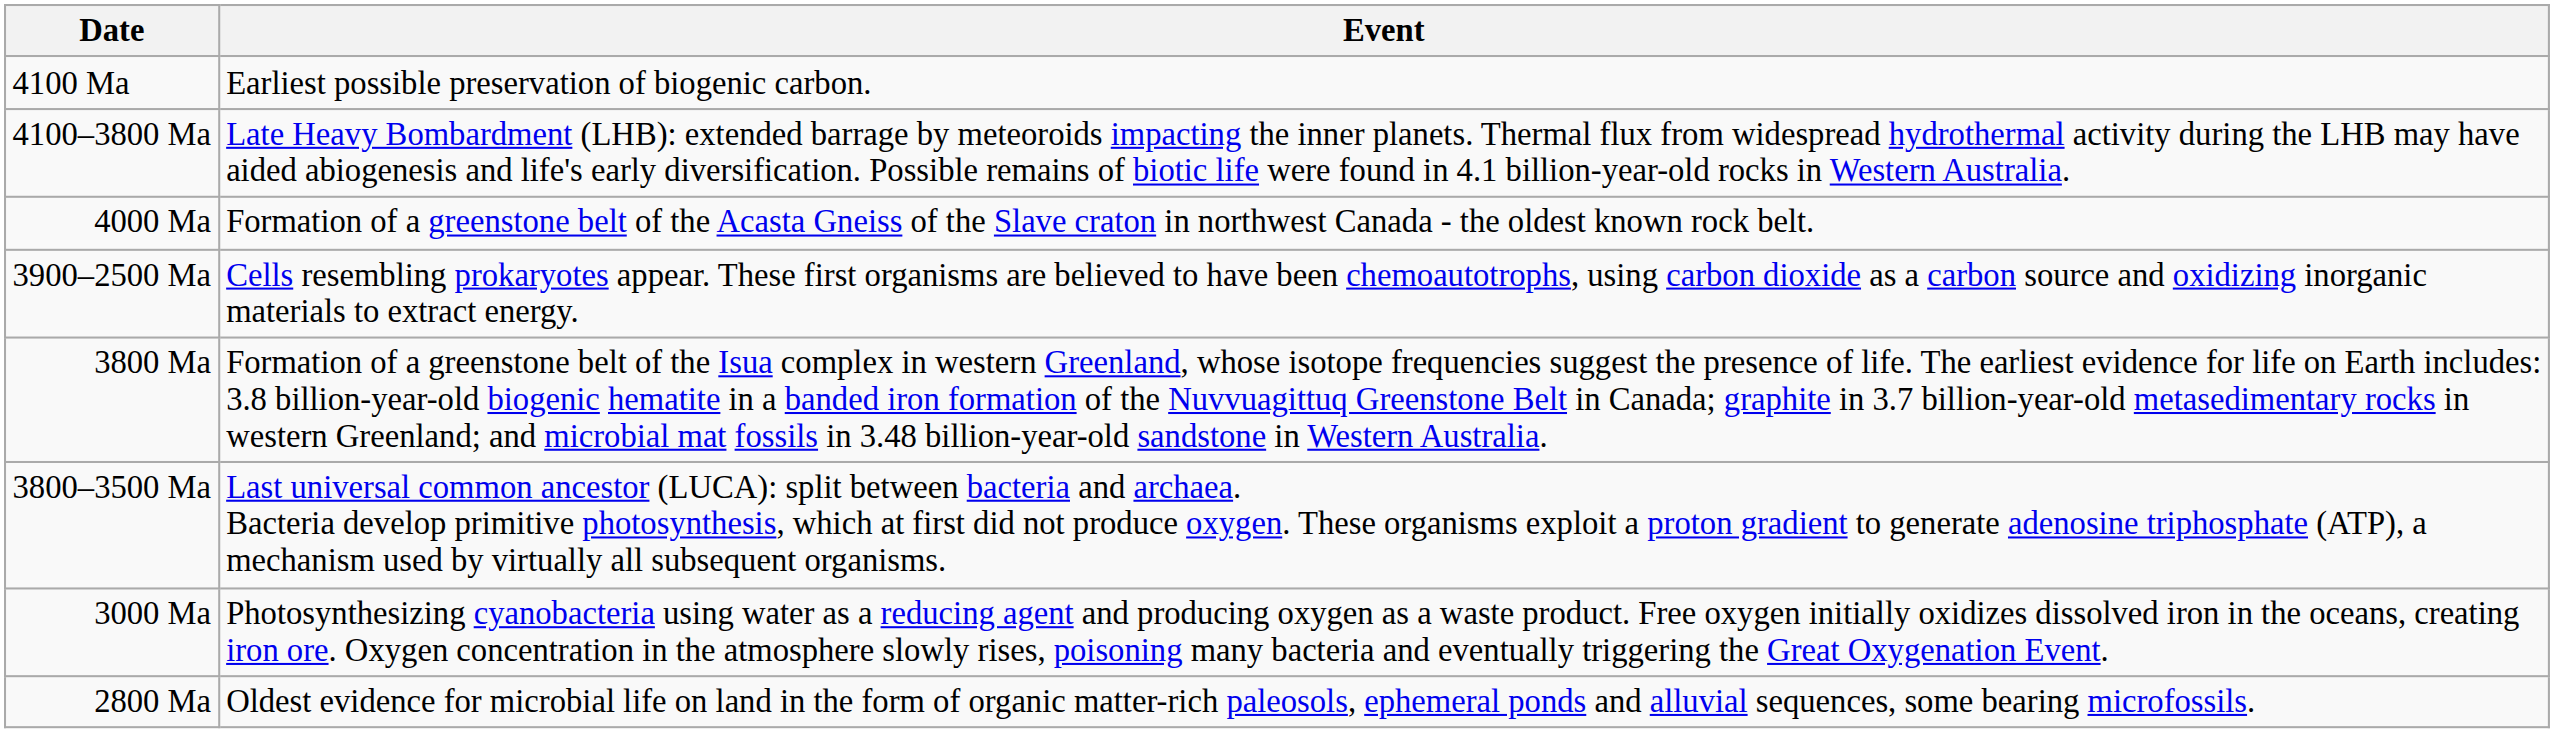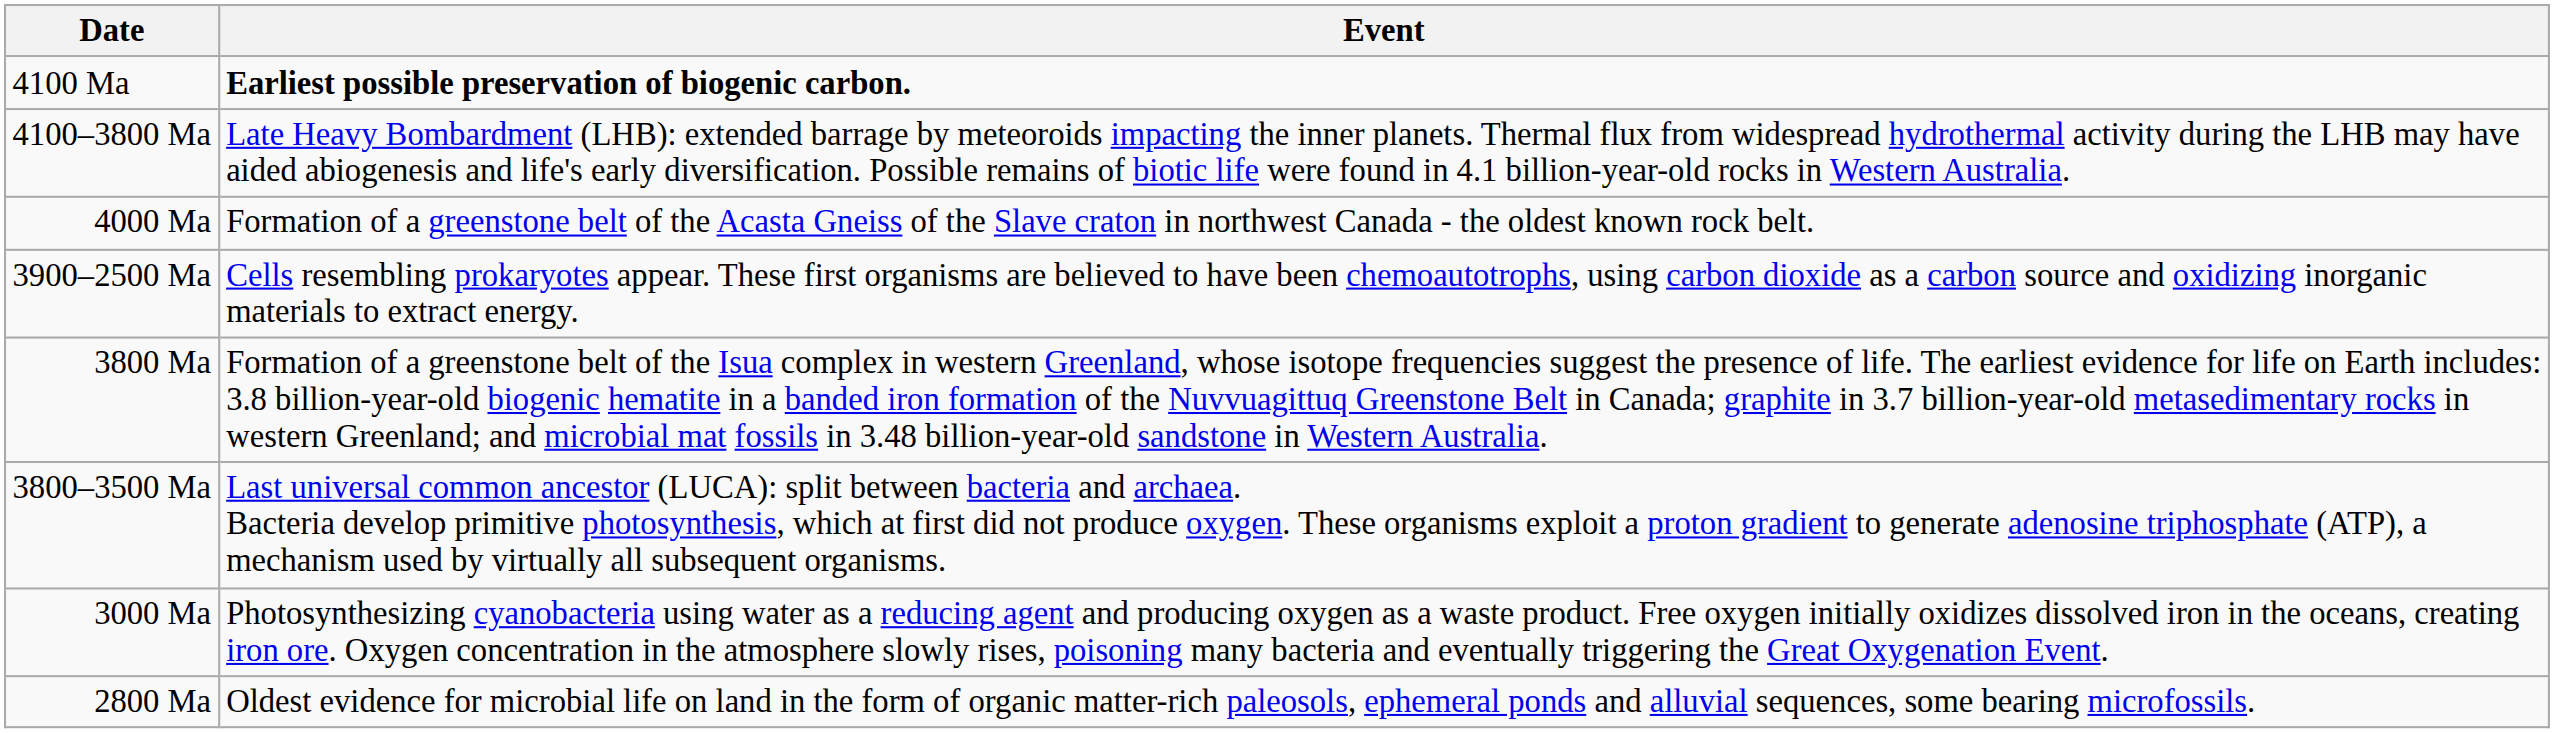 <table class="wikitable">
 <tr>
 <th>Date</th>
 <th>Event</th>
 </tr>
 <tr>
 <td>4100 Ma</td>
-<td>Earliest possible preservation of biogenic carbon.</td>
+<td><strong>Earliest possible preservation of biogenic carbon.</strong></td>
 </tr>
 <tr valign="TOP">
 <td align="RIGHT" nowrap>4100–3800 Ma</td>
 <td><a href='#'>Late Heavy Bombardment</a> (LHB): extended barrage by meteoroids <a href='#'>impacting</a> the inner planets. Thermal flux from widespread <a href='#'>hydrothermal</a> activity during the LHB may have aided abiogenesis and life's early diversification.  Possible remains of <a href='#'>biotic life</a> were found in 4.1 billion-year-old rocks in <a href='#'>Western Australia</a>.</td>
 </tr>
 <tr valign="TOP">
 <td align="RIGHT" nowrap>4000 Ma</td>
 <td>Formation of a <a href='#'>greenstone belt</a> of the <a href='#'>Acasta Gneiss</a> of the <a href='#'>Slave craton</a> in northwest Canada - the oldest known rock belt.</td>
 </tr>
 <tr valign="TOP">
 <td align="RIGHT" nowrap>3900–2500 Ma</td>
 <td><a href='#'>Cells</a> resembling <a href='#'>prokaryotes</a> appear. These first organisms are believed to have been <a href='#'>chemoautotrophs</a>, using <a href='#'>carbon dioxide</a> as a <a href='#'>carbon</a> source and <a href='#'>oxidizing</a> inorganic materials to extract energy.</td>
 </tr>
 <tr valign="TOP">
 <td align="RIGHT" nowrap>3800 Ma</td>
 <td>Formation of a greenstone belt of the <a href='#'>Isua</a> complex in western <a href='#'>Greenland</a>, whose isotope frequencies suggest the presence of life. The earliest evidence for life on Earth includes: 3.8 billion-year-old <a href='#'>biogenic</a> <a href='#'>hematite</a> in a <a href='#'>banded iron formation</a> of the <a href='#'>Nuvvuagittuq Greenstone Belt</a> in Canada; <a href='#'>graphite</a> in 3.7 billion-year-old <a href='#'> metasedimentary rocks</a> in western Greenland; and <a href='#'>microbial mat</a> <a href='#'>fossils</a> in 3.48 billion-year-old <a href='#'>sandstone</a>  in <a href='#'>Western Australia</a>.</td>
 </tr>
 <tr valign="TOP">
 <td align="RIGHT" nowrap>3800–3500 Ma</td>
 <td><a href='#'>Last universal common ancestor</a> (LUCA): split between <a href='#'>bacteria</a> and <a href='#'>archaea</a>.<br>Bacteria develop primitive <a href='#'>photosynthesis</a>, which at first did not produce <a href='#'>oxygen</a>. These organisms exploit a <a href='#'>proton gradient</a> to generate <a href='#'>adenosine triphosphate</a> (ATP), a mechanism used by virtually all subsequent organisms.</td>
 </tr>
 <tr valign="TOP">
 <td align="RIGHT" nowrap>3000 Ma</td>
 <td>Photosynthesizing <a href='#'>cyanobacteria</a> using water as a <a href='#'>reducing agent</a> and producing oxygen as a waste product. Free oxygen initially oxidizes dissolved iron in the oceans, creating <a href='#'>iron ore</a>. Oxygen concentration in the atmosphere slowly rises, <a href='#'>poisoning</a> many bacteria and eventually triggering the <a href='#'>Great Oxygenation Event</a>.</td>
 </tr>
 <tr valign="TOP">
 <td align="RIGHT" nowrap>2800 Ma</td>
 <td>Oldest evidence for microbial life on land in the form of organic matter-rich <a href='#'>paleosols</a>, <a href='#'>ephemeral ponds</a> and <a href='#'>alluvial</a> sequences, some bearing <a href='#'>microfossils</a>.</td>
 </tr>
 </table>
